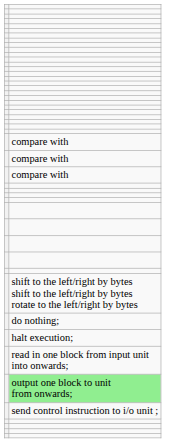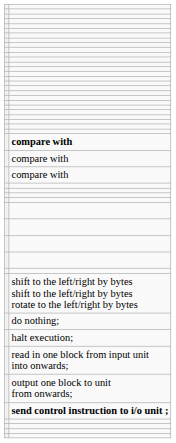 <table class="wikitable">
 <tr>
 <th></th>
 <td></td>
 </tr>
 <tr>
 <th></th>
 <td></td>
 </tr>
 <tr>
 <th></th>
 <td></td>
 </tr>
 <tr>
 <th></th>
 <td></td>
 </tr>
 <tr>
 <th></th>
 <td></td>
 </tr>
 <tr>
 <th></th>
 <td></td>
 </tr>
 <tr>
 <th></th>
 <td></td>
 </tr>
 <tr>
 <th></th>
 <td></td>
 </tr>
 <tr>
 <th></th>
 <td></td>
 </tr>
 <tr>
 <th></th>
 <td></td>
 </tr>
 <tr>
 <th></th>
 <td></td>
 </tr>
 <tr>
 <th></th>
 <td></td>
 </tr>
 <tr>
 <th></th>
 <td></td>
 </tr>
 <tr>
 <th></th>
 <td></td>
 </tr>
 <tr>
 <th></th>
 <td></td>
 </tr>
 <tr>
 <th></th>
 <td></td>
 </tr>
 <tr>
 <th></th>
 <td></td>
 </tr>
 <tr>
 <th></th>
 <td></td>
 </tr>
 <tr>
 <th></th>
 <td></td>
 </tr>
 <tr>
 <th></th>
 <td></td>
 </tr>
 <tr>
 <th></th>
 <td></td>
 </tr>
 <tr>
 <th></th>
 <td></td>
 </tr>
 <tr>
 <th></th>
 <td></td>
 </tr>
 <tr>
 <th></th>
 <td></td>
 </tr>
 <tr>
 <th></th>
 <td></td>
 </tr>
 <tr>
 <th></th>
 <td></td>
 </tr>
 <tr>
 <th></th>
 <td></td>
 </tr>
 <tr>
 <th></th>
-<td>compare  with </td>
+<td><strong>compare  with </strong></td>
 </tr>
 <tr>
 <th></th>
 <td>compare  with </td>
 </tr>
 <tr>
 <th></th>
 <td>compare  with </td>
 </tr>
 <tr>
 <th></th>
 <td></td>
 </tr>
 <tr>
 <th></th>
 <td></td>
 </tr>
 <tr>
 <th></th>
 <td></td>
 </tr>
 <tr>
 <th></th>
 <td></td>
 </tr>
 <tr>
 <th><br></th>
 <td></td>
 </tr>
 <tr>
 <th><br></th>
 <td></td>
 </tr>
 <tr>
 <th><br></th>
 <td></td>
 </tr>
 <tr>
 <th><br></th>
 <td></td>
 </tr>
 <tr>
 <th></th>
 <td></td>
 </tr>
 <tr>
 <th><br><br></th>
 <td>shift  to the left/right by  bytes<br>shift  to the left/right by  bytes<br>rotate  to the left/right by  bytes</td>
 </tr>
 <tr>
 <th></th>
 <td>do nothing;</td>
 </tr>
 <tr>
 <th></th>
 <td>halt execution;</td>
 </tr>
 <tr>
 <th></th>
 <td>read in one block from input unit <br>into  onwards;</td>
 </tr>
 <tr>
 <th></th>
-<td style="background: lightgreen;">output one block to unit <br>from  onwards;</td>
+<td>output one block to unit <br>from  onwards;</td>
 </tr>
 <tr>
 <th></th>
-<td>send control instruction to i/o unit ;</td>
+<td><strong>send control instruction to i/o unit ;</strong></td>
 </tr>
 <tr>
 <th></th>
 <td></td>
 </tr>
 <tr>
 <th></th>
 <td></td>
 </tr>
 <tr>
 <th></th>
 <td></td>
 </tr>
 <tr>
 <th></th>
 <td></td>
 </tr>
 </table>
